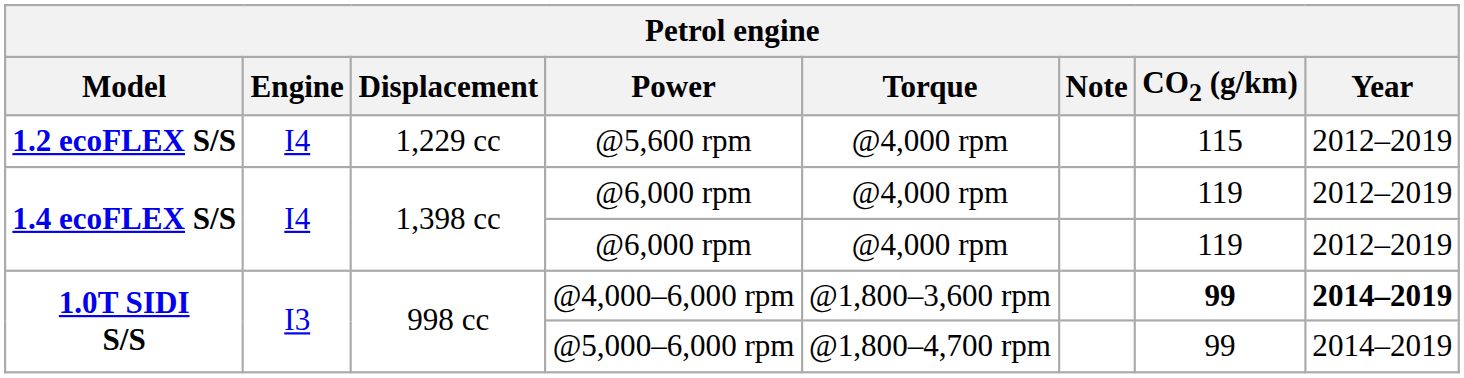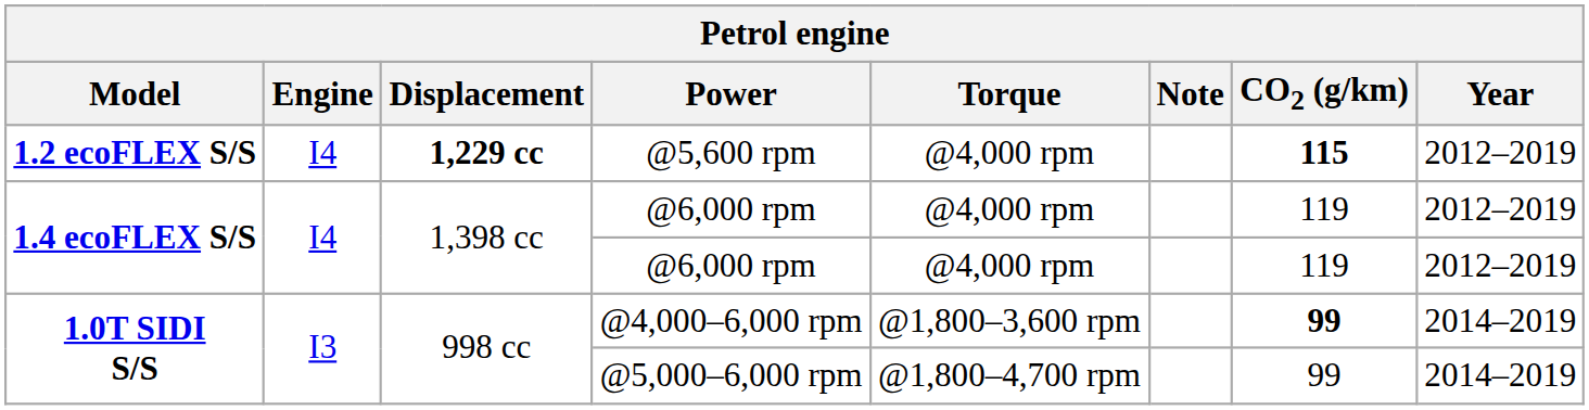 <table class="wikitable" style="text-align:center; font-size:90%;">
 <tr>
 <th colspan=10>Petrol engine</th>
 </tr>
 <tr style="background:#dcdcdc; text-align:center; vertical-align:middle;">
 <th>Model</th>
 <th>Engine</th>
 <th>Displacement</th>
 <th>Power</th>
 <th>Torque</th>
 <th>Note</th>
 <th>CO<sub>2</sub> (g/km)</th>
 <th>Year</th>
 </tr>
 <tr style="background:#fff;">
 <td><strong><a href='#'>1.2 ecoFLEX</a> S/S</strong></td>
 <td><a href='#'>I4</a></td>
-<td>1,229 cc</td>
+<td><strong>1,229 cc</strong></td>
 <td> @5,600 rpm</td>
 <td> @4,000 rpm</td>
 <td></td>
-<td>115</td>
+<td><strong>115</strong></td>
 <td>2012–2019</td>
 </tr>
 <tr style="background:#fff;">
 <td rowspan="2"><strong><a href='#'>1.4 ecoFLEX</a> S/S</strong></td>
 <td rowspan="2"><a href='#'>I4</a></td>
 <td rowspan="2">1,398 cc</td>
 <td> @6,000 rpm</td>
 <td> @4,000 rpm</td>
 <td></td>
 <td>119</td>
 <td>2012–2019</td>
 </tr>
 <tr style="background:#fff;">
 <td> @6,000 rpm</td>
 <td>  @4,000 rpm</td>
 <td></td>
 <td>119</td>
 <td>2012–2019</td>
 </tr>
 <tr style="background:#fff;">
 <td rowspan="2"><strong><a href='#'>1.0T SIDI</a></strong><br><strong>S/S</strong></td>
 <td rowspan="2"><a href='#'>I3</a></td>
 <td rowspan="2">998 cc</td>
 <td> @4,000–6,000 rpm</td>
 <td> @1,800–3,600 rpm</td>
 <td></td>
 <td><strong>99</strong></td>
-<td><strong>2014–2019</strong></td>
+<td>2014–2019</td>
 </tr>
 <tr style="background:#fff;">
 <td> @5,000–6,000 rpm</td>
 <td> @1,800–4,700 rpm</td>
 <td></td>
 <td>99</td>
 <td>2014–2019</td>
 </tr>
 </table>
